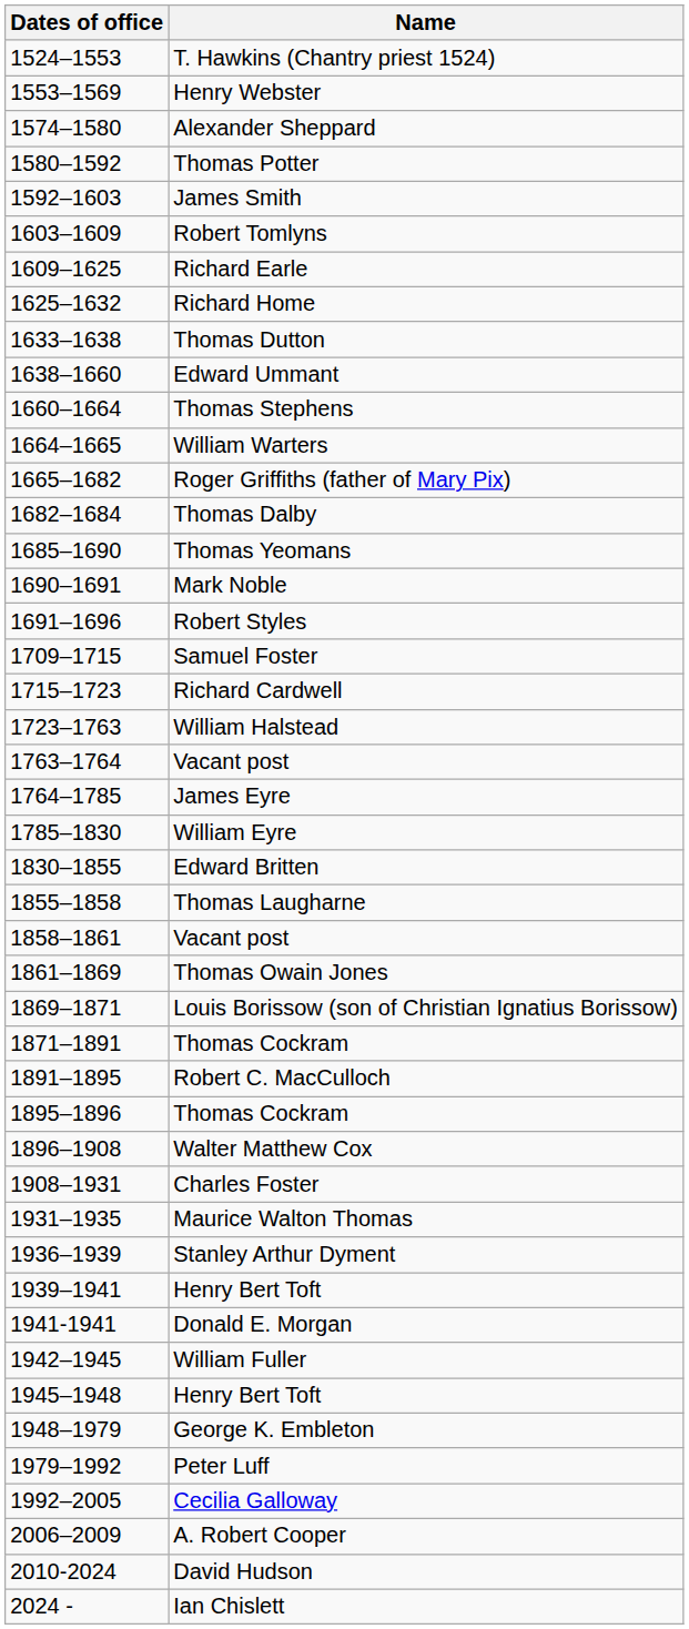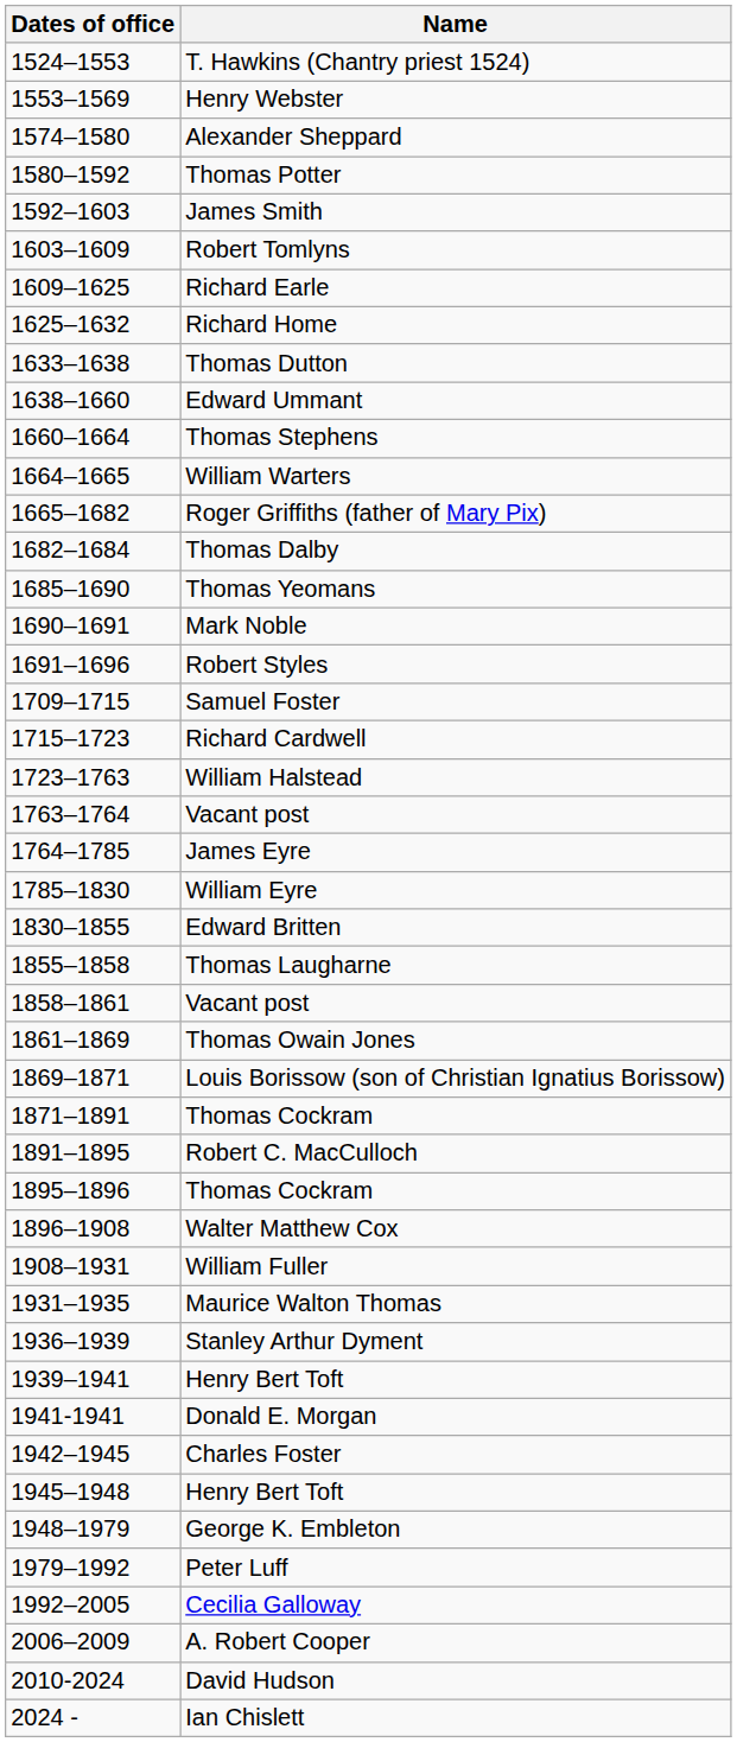 <table class="wikitable">
 <tr>
 <th>Dates of office</th>
 <th>Name</th>
 </tr>
 <tr>
 <td>1524–1553</td>
 <td>T. Hawkins (Chantry priest 1524)</td>
 </tr>
 <tr>
 <td>1553–1569</td>
 <td>Henry Webster</td>
 </tr>
 <tr>
 <td>1574–1580</td>
 <td>Alexander Sheppard</td>
 </tr>
 <tr>
 <td>1580–1592</td>
 <td>Thomas Potter</td>
 </tr>
 <tr>
 <td>1592–1603</td>
 <td>James Smith</td>
 </tr>
 <tr>
 <td>1603–1609</td>
 <td>Robert Tomlyns</td>
 </tr>
 <tr>
 <td>1609–1625</td>
 <td>Richard Earle</td>
 </tr>
 <tr>
 <td>1625–1632</td>
 <td>Richard Home</td>
 </tr>
 <tr>
 <td>1633–1638</td>
 <td>Thomas Dutton</td>
 </tr>
 <tr>
 <td>1638–1660</td>
 <td>Edward Ummant</td>
 </tr>
 <tr>
 <td>1660–1664</td>
 <td>Thomas Stephens</td>
 </tr>
 <tr>
 <td>1664–1665</td>
 <td>William Warters</td>
 </tr>
 <tr>
 <td>1665–1682</td>
 <td>Roger Griffiths (father of <a href='#'>Mary Pix</a>)</td>
 </tr>
 <tr>
 <td>1682–1684</td>
 <td>Thomas Dalby</td>
 </tr>
 <tr>
 <td>1685–1690</td>
 <td>Thomas Yeomans</td>
 </tr>
 <tr>
 <td>1690–1691</td>
 <td>Mark Noble</td>
 </tr>
 <tr>
 <td>1691–1696</td>
 <td>Robert Styles</td>
 </tr>
 <tr>
 <td>1709–1715</td>
 <td>Samuel Foster</td>
 </tr>
 <tr>
 <td>1715–1723</td>
 <td>Richard Cardwell</td>
 </tr>
 <tr>
 <td>1723–1763</td>
 <td>William Halstead</td>
 </tr>
 <tr>
 <td>1763–1764</td>
 <td>Vacant post</td>
 </tr>
 <tr>
 <td>1764–1785</td>
 <td>James Eyre</td>
 </tr>
 <tr>
 <td>1785–1830</td>
 <td>William Eyre</td>
 </tr>
 <tr>
 <td>1830–1855</td>
 <td>Edward Britten</td>
 </tr>
 <tr>
 <td>1855–1858</td>
 <td>Thomas Laugharne</td>
 </tr>
 <tr>
 <td>1858–1861</td>
 <td>Vacant post</td>
 </tr>
 <tr>
 <td>1861–1869</td>
 <td>Thomas Owain Jones</td>
 </tr>
 <tr>
 <td>1869–1871</td>
 <td>Louis Borissow (son of Christian Ignatius Borissow)</td>
 </tr>
 <tr>
 <td>1871–1891</td>
 <td>Thomas Cockram</td>
 </tr>
 <tr>
 <td>1891–1895</td>
 <td>Robert C. MacCulloch</td>
 </tr>
 <tr>
 <td>1895–1896</td>
 <td>Thomas Cockram</td>
 </tr>
 <tr>
 <td>1896–1908</td>
 <td>Walter Matthew Cox</td>
 </tr>
 <tr>
 <td>1908–1931</td>
-<td>Charles Foster</td>
+<td>William Fuller</td>
 </tr>
 <tr>
 <td>1931–1935</td>
 <td>Maurice Walton Thomas</td>
 </tr>
 <tr>
 <td>1936–1939</td>
 <td>Stanley Arthur Dyment</td>
 </tr>
 <tr>
 <td>1939–1941</td>
 <td>Henry Bert Toft</td>
 </tr>
 <tr>
 <td>1941-1941</td>
 <td>Donald E. Morgan</td>
 </tr>
 <tr>
 <td>1942–1945</td>
-<td>William Fuller</td>
+<td>Charles Foster</td>
 </tr>
 <tr>
 <td>1945–1948</td>
 <td>Henry Bert Toft</td>
 </tr>
 <tr>
 <td>1948–1979</td>
 <td>George K. Embleton</td>
 </tr>
 <tr>
 <td>1979–1992</td>
 <td>Peter Luff</td>
 </tr>
 <tr>
 <td>1992–2005</td>
 <td><a href='#'>Cecilia Galloway</a></td>
 </tr>
 <tr>
 <td>2006–2009</td>
 <td>A. Robert Cooper</td>
 </tr>
 <tr>
 <td>2010-2024</td>
 <td>David Hudson</td>
 </tr>
 <tr>
 <td>2024 -</td>
 <td>Ian Chislett</td>
 </tr>
 </table>
